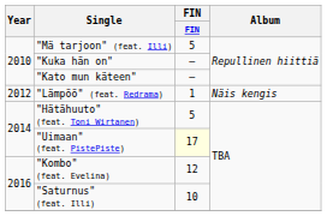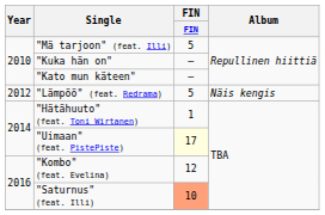 <table class="wikitable">
 <tr>
 <th rowspan="2">Year</th>
 <th rowspan="2">Single</th>
 <th colspan="1">FIN</th>
 <th rowspan="2">Album</th>
 </tr>
 <tr>
 <th width="40"><small><a href='#'>FIN</a></small><br></th>
 </tr>
 <tr>
 <td align="center" rowspan="3">2010</td>
 <td align="left">"Mä tarjoon" <small>(feat. <a href='#'>Illi</a>)</small></td>
 <td align="center">5</td>
 <td align="left" rowspan="3"><em>Repullinen hiittiä</em></td>
 </tr>
 <tr>
 <td align="left">"Kuka hän on"</td>
 <td align="center">—</td>
 </tr>
 <tr>
 <td align="left">"Kato mun käteen"</td>
 <td align="center">—</td>
 </tr>
 <tr>
 <td align="center">2012</td>
 <td align="left">"Lämpöö" <small>(feat. <a href='#'>Redrama</a>)</small></td>
-<td align="center">1</td>
+<td align="center">5</td>
 <td align="left"><em>Näis kengis</em></td>
 </tr>
 <tr>
 <td align="center" rowspan="2">2014</td>
 <td align="left">"Hätähuuto" <br><small>(feat. <a href='#'>Toni Wirtanen</a>)</small></td>
-<td align="center">5</td>
+<td align="center">1</td>
 <td align="left" rowspan="4">TBA</td>
 </tr>
 <tr>
 <td align="left">"Uimaan" <br><small>(feat. <a href='#'>PistePiste</a>)</small></td>
 <td align="center" style="background: lightyellow;">17</td>
 </tr>
 <tr>
 <td align="center" rowspan="2">2016</td>
 <td align="left">"Kombo" <br><small>(feat. Evelina)</small></td>
 <td align="center">12</td>
 </tr>
 <tr>
 <td align="left">"Saturnus" <br><small>(feat. Illi)</small></td>
-<td align="center">10<br></td>
+<td align="center" style="background: lightsalmon;">10<br></td>
 </tr>
 <tr>
 </tr>
 </table>
